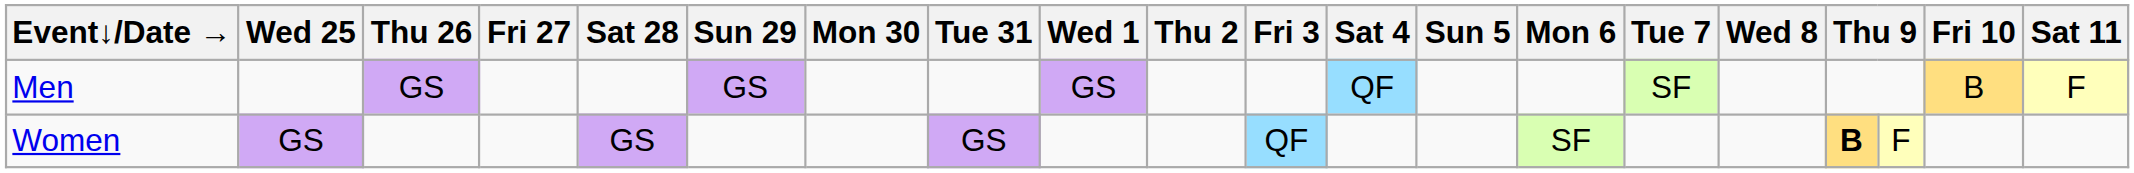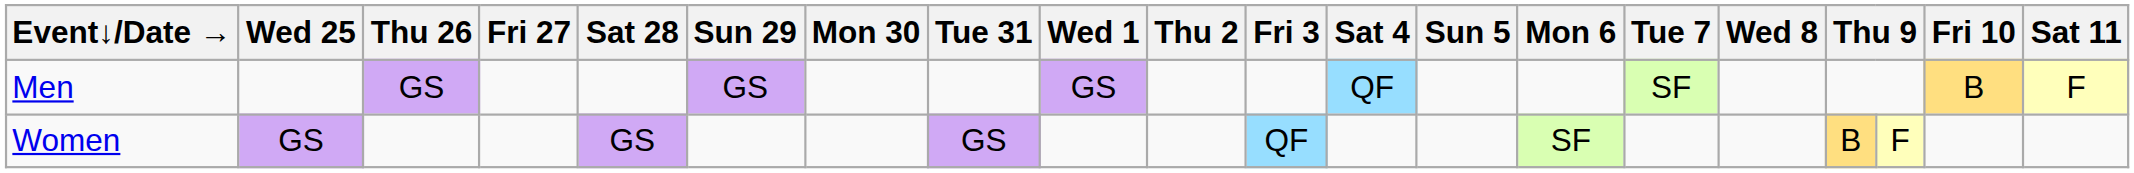 <table class="wikitable" style="text-align:center;margin:0.5em auto;font-size:90%;line-height:1.25em">
 <tr>
 <th>Event↓/Date →</th>
 <th>Wed 25</th>
 <th>Thu 26</th>
 <th>Fri 27</th>
 <th>Sat 28</th>
 <th>Sun 29</th>
 <th>Mon 30</th>
 <th>Tue 31</th>
 <th>Wed 1</th>
 <th>Thu 2</th>
 <th>Fri 3</th>
 <th>Sat 4</th>
 <th>Sun 5</th>
 <th>Mon 6</th>
 <th>Tue 7</th>
 <th>Wed 8</th>
 <th colspan=2>Thu 9</th>
 <th>Fri 10</th>
 <th>Sat 11</th>
 </tr>
 <tr>
 <td style="text-align:left"><a href='#'>Men</a></td>
 <td></td>
 <td style="background:#D0A9F5">GS</td>
 <td></td>
 <td></td>
 <td style="background:#D0A9F5">GS</td>
 <td></td>
 <td></td>
 <td style="background:#D0A9F5">GS</td>
 <td></td>
 <td></td>
 <td style="background:#97DEFF">QF</td>
 <td></td>
 <td></td>
 <td style="background:#D9FFB2">SF</td>
 <td></td>
 <td colspan=2></td>
 <td style="background:#FFDF80">B</td>
 <td style="background-color:#FFFFBB">F</td>
 </tr>
 <tr>
 <td style="text-align:left"><a href='#'>Women</a></td>
 <td style="background-color:#D0A9F5">GS</td>
 <td></td>
 <td></td>
 <td style="background:#D0A9F5">GS</td>
 <td></td>
 <td></td>
 <td style="background:#D0A9F5">GS</td>
 <td></td>
 <td></td>
 <td style="background:#97DEFF">QF</td>
 <td></td>
 <td></td>
 <td style="background:#D9FFB2">SF</td>
 <td></td>
 <td></td>
-<td style="background:#FFDF80"><strong>B</strong></td>
+<td style="background:#FFDF80">B</td>
 <td style="background:#FFFFBB">F</td>
 <td></td>
 <td></td>
 </tr>
 </table>
